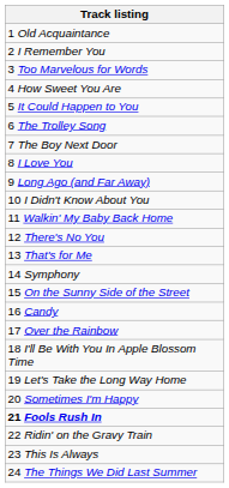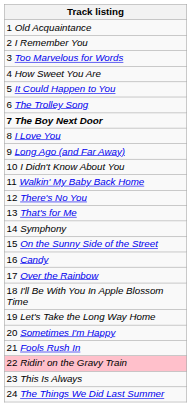 <table class="wikitable collapsible collapsed" style="width:300px;">
 <tr>
 <th>Track listing</th>
 </tr>
 <tr>
 <td>1  <em>Old Acquaintance</em></td>
 </tr>
 <tr>
 <td>2  <em>I Remember You</em></td>
 </tr>
 <tr>
 <td>3  <em><a href='#'>Too Marvelous for Words</a></em></td>
 </tr>
 <tr>
 <td>4 <em>How Sweet You Are</em></td>
 </tr>
 <tr>
 <td>5 <em><a href='#'>It Could Happen to You</a></em></td>
 </tr>
 <tr>
 <td>6 <em><a href='#'>The Trolley Song</a></em></td>
 </tr>
 <tr>
-<td>7 <em>The Boy Next Door</em></td>
+<td><strong>7 <em>The Boy Next Door</em></strong></td>
 </tr>
 <tr>
 <td>8 <em><a href='#'>I Love You</a></em></td>
 </tr>
 <tr>
 <td>9 <em><a href='#'>Long Ago (and Far Away)</a></em></td>
 </tr>
 <tr>
 <td>10 <em>I Didn't Know About You</em></td>
 </tr>
 <tr>
 <td>11 <em><a href='#'>Walkin' My Baby Back Home</a></em></td>
 </tr>
 <tr>
 <td>12 <em><a href='#'>There's No You</a></em></td>
 </tr>
 <tr>
 <td>13 <em><a href='#'>That's for Me</a></em></td>
 </tr>
 <tr>
 <td>14 <em>Symphony</em></td>
 </tr>
 <tr>
 <td>15 <em><a href='#'>On the Sunny Side of the Street</a></em></td>
 </tr>
 <tr>
 <td>16 <em><a href='#'>Candy</a></em></td>
 </tr>
 <tr>
 <td>17 <em><a href='#'>Over the Rainbow</a></em></td>
 </tr>
 <tr>
 <td>18 <em>I'll Be With You In Apple Blossom Time</em></td>
 </tr>
 <tr>
 <td>19 <em>Let's Take the Long Way Home</em></td>
 </tr>
 <tr>
 <td>20 <em><a href='#'>Sometimes I'm Happy</a></em></td>
 </tr>
 <tr>
-<td><strong>21 <em><a href='#'>Fools Rush In</a></em></strong></td>
+<td>21 <em><a href='#'>Fools Rush In</a></em></td>
 </tr>
 <tr>
-<td>22 <em>Ridin' on the Gravy Train</em></td>
+<td style="background: pink;">22 <em>Ridin' on the Gravy Train</em></td>
 </tr>
 <tr>
 <td>23 <em>This Is Always</em></td>
 </tr>
 <tr>
 <td>24 <em><a href='#'>The Things We Did Last Summer</a></em></td>
 </tr>
 </table>
